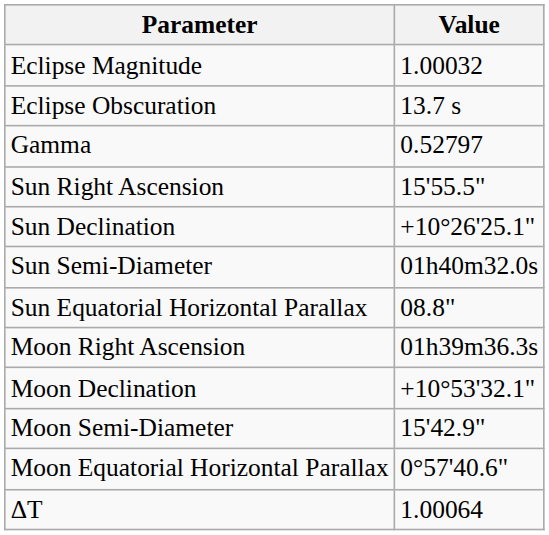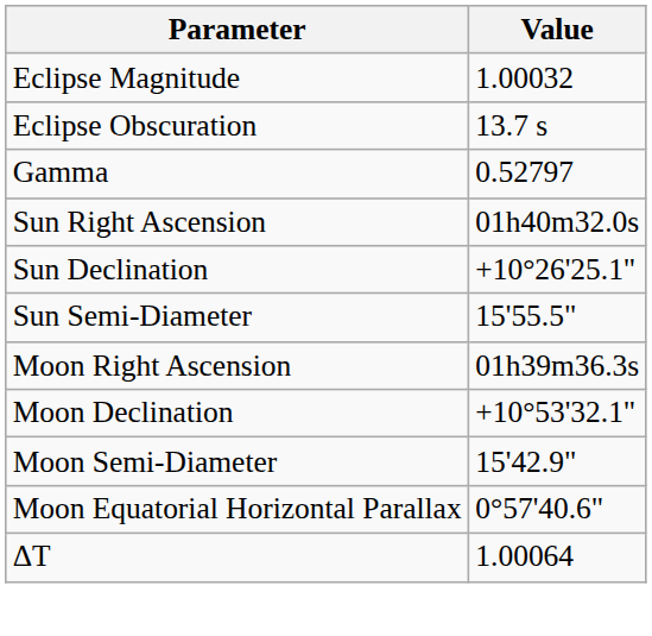 <table class="wikitable">
 <tr>
 <th>Parameter</th>
 <th>Value</th>
 </tr>
 <tr>
 <td>Eclipse Magnitude</td>
 <td>1.00032</td>
 </tr>
 <tr>
 <td>Eclipse Obscuration</td>
 <td>13.7 s</td>
 </tr>
 <tr>
 <td>Gamma</td>
 <td>0.52797</td>
 </tr>
 <tr>
 <td>Sun Right Ascension</td>
-<td>15'55.5"</td>
+<td>01h40m32.0s</td>
 </tr>
 <tr>
 <td>Sun Declination</td>
 <td>+10°26'25.1"</td>
 </tr>
 <tr>
 <td>Sun Semi-Diameter</td>
-<td>01h40m32.0s</td>
-</tr>
-<tr>
-<td>Sun Equatorial Horizontal Parallax</td>
-<td>08.8"</td>
+<td>15'55.5"</td>
 </tr>
 <tr>
 <td>Moon Right Ascension</td>
 <td>01h39m36.3s</td>
 </tr>
 <tr>
 <td>Moon Declination</td>
 <td>+10°53'32.1"</td>
 </tr>
 <tr>
 <td>Moon Semi-Diameter</td>
 <td>15'42.9"</td>
 </tr>
 <tr>
 <td>Moon Equatorial Horizontal Parallax</td>
 <td>0°57'40.6"</td>
 </tr>
 <tr>
 <td>ΔT</td>
 <td>1.00064</td>
 </tr>
 </table>
